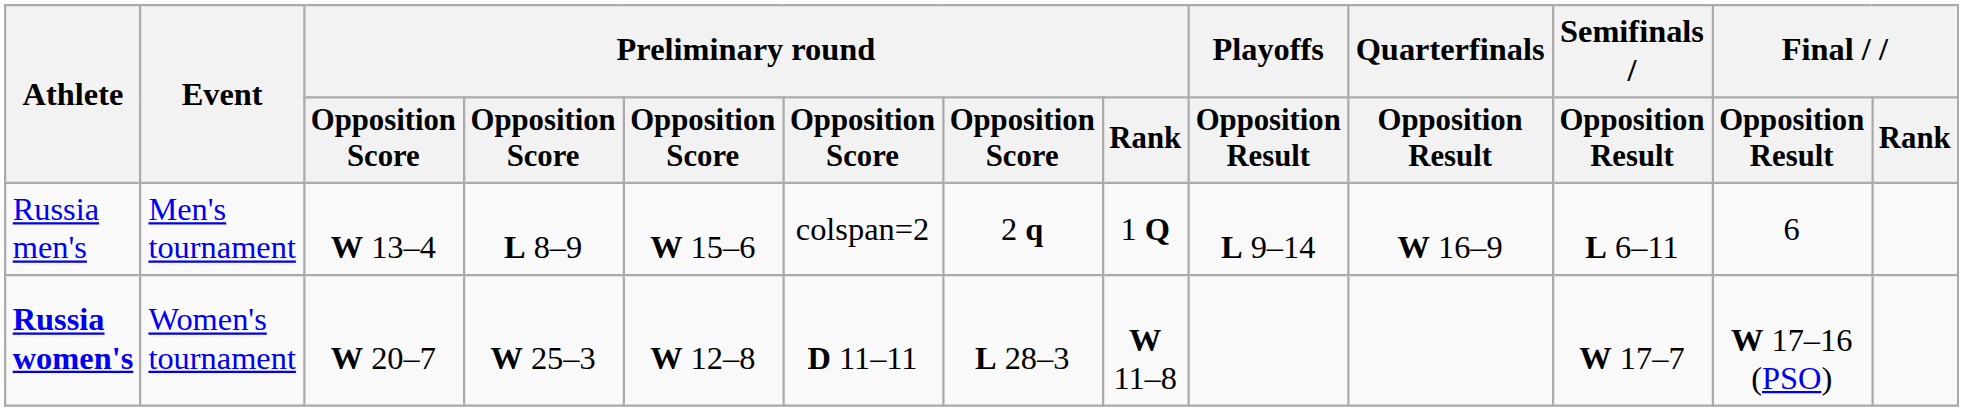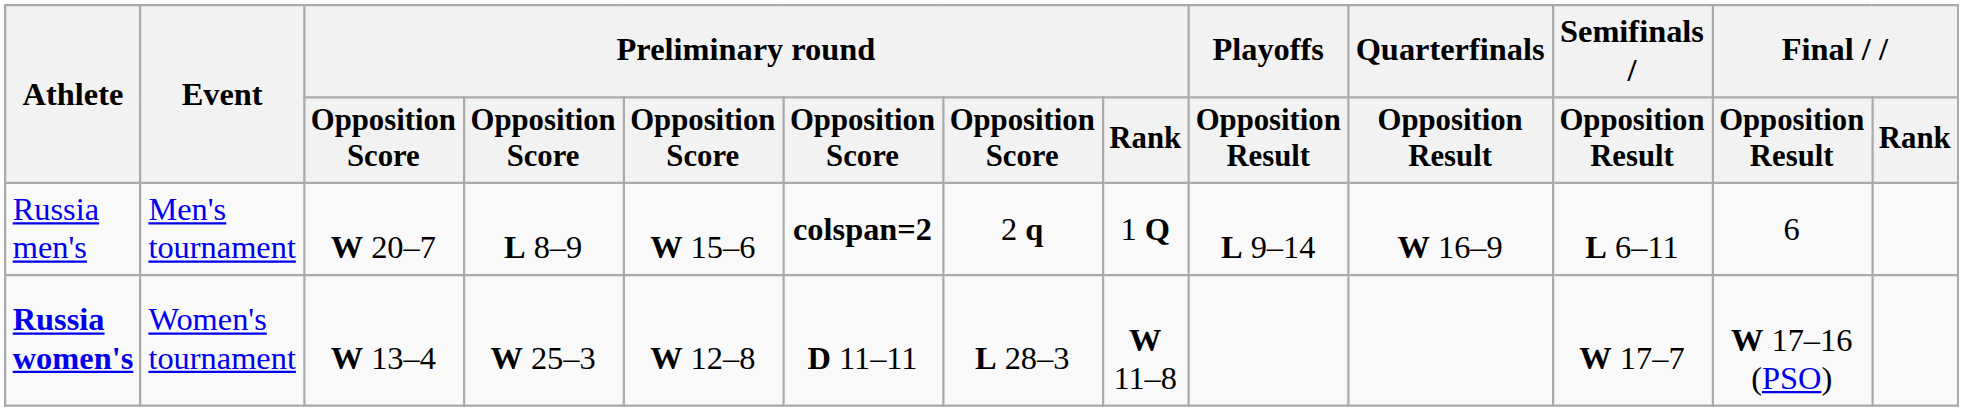 <table class="wikitable" style="text-align:center; font-size:90%">
 <tr>
 <th rowspan=2>Athlete</th>
 <th rowspan=2>Event</th>
 <th colspan=6>Preliminary round</th>
 <th>Playoffs</th>
 <th>Quarterfinals</th>
 <th>Semifinals / </th>
 <th colspan=2>Final /  / </th>
 </tr>
 <tr style="font-size:95%">
 <th>Opposition<br>Score</th>
 <th>Opposition<br>Score</th>
 <th>Opposition<br>Score</th>
 <th>Opposition<br>Score</th>
 <th>Opposition<br>Score</th>
 <th>Rank</th>
 <th>Opposition<br>Result</th>
 <th>Opposition<br>Result</th>
 <th>Opposition<br>Result</th>
 <th>Opposition<br>Result</th>
 <th>Rank</th>
 </tr>
 <tr>
 <td align=left><a href='#'>Russia men's</a></td>
 <td align=left><a href='#'>Men's tournament</a></td>
-<td><br><strong>W</strong> 13–4</td>
+<td><br><strong>W</strong> 20–7</td>
 <td><br><strong>L</strong> 8–9</td>
 <td><br><strong>W</strong> 15–6</td>
-<td>colspan=2 </td>
+<td><strong>colspan=2 </strong></td>
 <td>2 <strong>q</strong></td>
 <td>1 <strong>Q</strong></td>
 <td><br><strong>L</strong> 9–14</td>
 <td><br><strong>W</strong> 16–9</td>
 <td><br><strong>L</strong> 6–11</td>
 <td>6</td>
 </tr>
 <tr>
 <td align=left><strong><a href='#'>Russia women's</a></strong></td>
 <td align=left><a href='#'>Women's tournament</a></td>
-<td><br><strong>W</strong> 20–7</td>
+<td><br><strong>W</strong> 13–4</td>
 <td><br><strong>W</strong> 25–3</td>
 <td><br><strong>W</strong> 12–8</td>
 <td><br><strong>D</strong> 11–11</td>
 <td><br><strong>L</strong> 28–3</td>
 <td><br><strong>W</strong> 11–8</td>
 <td></td>
 <td></td>
 <td><br><strong>W</strong> 17–7</td>
 <td><br><strong>W</strong> 17–16<br>(<a href='#'>PSO</a>)</td>
 <td></td>
 </tr>
 </table>
